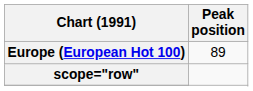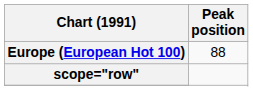 <table class="wikitable sortable plainrowheaders">
 <tr>
 <th>Chart (1991)</th>
 <th>Peak<br>position</th>
 </tr>
 <tr>
 <th scope="row">Europe (<a href='#'>European Hot 100</a>)</th>
-<td align="center">89</td>
+<td align="center">88</td>
 </tr>
 <tr>
 <th>scope="row"</th>
 </tr>
 <tr>
 </tr>
 </table>
